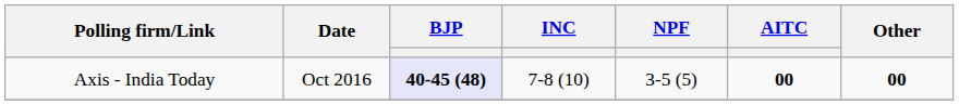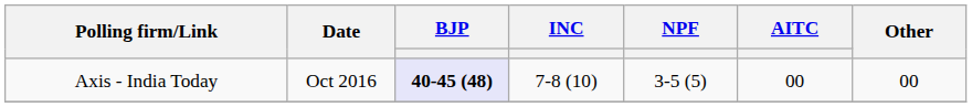 <table class="wikitable collapsible" style="text-align:center;font-size:85%;line-height:25px">
 <tr style="height:30px; background-color:#E9E9E9">
 <th style="width:195px;" rowspan="2">Polling firm/Link</th>
 <th style="width:70px;" rowspan="2">Date</th>
 <th style="width:75px;"><a href='#'>BJP</a></th>
 <th style="width:75px;"><a href='#'>INC</a></th>
 <th style="width:75px;"><a href='#'>NPF</a></th>
 <th style="width:75px;"><a href='#'>AITC</a></th>
 <th style="width:75px;" rowspan="2">Other</th>
 </tr>
 <tr>
 <th style="color:inherit;background:"></th>
 <th style="color:inherit;background:"></th>
 <th style="color:inherit;background:"></th>
 <th style="color:inherit;background:"></th>
 </tr>
 <tr>
 <td>Axis - India Today</td>
 <td>Oct 2016</td>
 <td style="background: lavender;"><strong>40-45 (48)</strong></td>
 <td>7-8 (10)</td>
 <td>3-5 (5)</td>
-<td><strong>00</strong></td>
-<td><strong>00</strong></td>
+<td>00</td>
+<td>00</td>
 </tr>
 <tr>
 </tr>
 </table>
